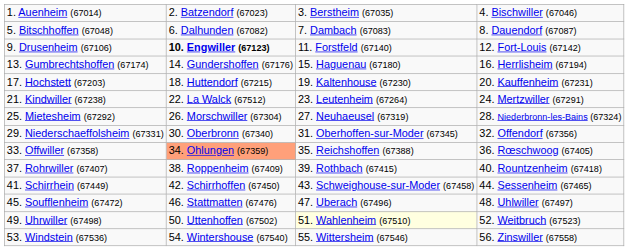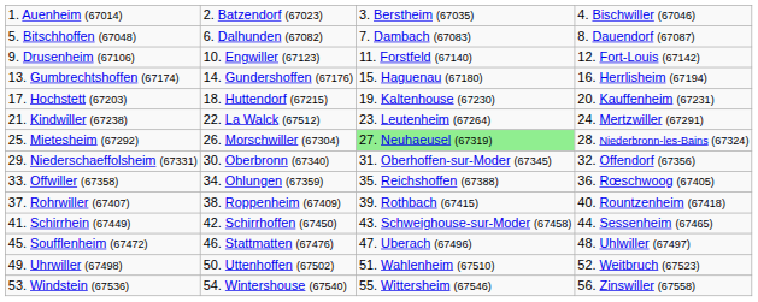 <table class="wikitable">
 <tr>
 <td>1. <a href='#'>Auenheim</a> <small>(67014)</small></td>
 <td>2. <a href='#'>Batzendorf</a> <small>(67023)</small></td>
 <td>3. <a href='#'>Berstheim</a> <small>(67035)</small></td>
 <td>4. <a href='#'>Bischwiller</a> <small>(67046)</small></td>
 </tr>
 <tr>
 <td>5. <a href='#'>Bitschhoffen</a> <small>(67048)</small></td>
 <td>6. <a href='#'>Dalhunden</a> <small>(67082)</small></td>
 <td>7. <a href='#'>Dambach</a> <small>(67083)</small></td>
 <td>8. <a href='#'>Dauendorf</a> <small>(67087)</small></td>
 </tr>
 <tr>
 <td>9. <a href='#'>Drusenheim</a> <small>(67106)</small></td>
-<td><strong>10. <a href='#'>Engwiller</a> <small>(67123)</small></strong></td>
+<td>10. <a href='#'>Engwiller</a> <small>(67123)</small></td>
 <td>11. <a href='#'>Forstfeld</a> <small>(67140)</small></td>
 <td>12. <a href='#'>Fort-Louis</a> <small>(67142)</small></td>
 </tr>
 <tr>
 <td>13. <a href='#'>Gumbrechtshoffen</a> <small>(67174)</small></td>
 <td>14. <a href='#'>Gundershoffen</a> <small>(67176)</small></td>
 <td>15. <a href='#'>Haguenau</a> <small>(67180)</small></td>
 <td>16. <a href='#'>Herrlisheim</a> <small>(67194)</small></td>
 </tr>
 <tr>
 <td>17. <a href='#'>Hochstett</a> <small>(67203)</small></td>
 <td>18. <a href='#'>Huttendorf</a> <small>(67215)</small></td>
 <td>19. <a href='#'>Kaltenhouse</a> <small>(67230)</small></td>
 <td>20. <a href='#'>Kauffenheim</a> <small>(67231)</small></td>
 </tr>
 <tr>
 <td>21. <a href='#'>Kindwiller</a> <small>(67238)</small></td>
 <td>22. <a href='#'>La Walck</a> <small>(67512)</small></td>
 <td>23. <a href='#'>Leutenheim</a> <small>(67264)</small></td>
 <td>24. <a href='#'>Mertzwiller</a> <small>(67291)</small></td>
 </tr>
 <tr>
 <td>25. <a href='#'>Mietesheim</a> <small>(67292)</small></td>
 <td>26. <a href='#'>Morschwiller</a> <small>(67304)</small></td>
-<td>27. <a href='#'>Neuhaeusel</a> <small>(67319)</small></td>
+<td style="background: lightgreen;">27. <a href='#'>Neuhaeusel</a> <small>(67319)</small></td>
 <td>28. <small><a href='#'>Niederbronn-les-Bains</a> (67324)</small></td>
 </tr>
 <tr>
 <td>29. <a href='#'>Niederschaeffolsheim</a> <small>(67331)</small></td>
 <td>30. <a href='#'>Oberbronn</a> <small>(67340)</small></td>
 <td>31. <a href='#'>Oberhoffen-sur-Moder</a> <small>(67345)</small></td>
 <td>32. <a href='#'>Offendorf</a> <small>(67356)</small></td>
 </tr>
 <tr>
 <td>33. <a href='#'>Offwiller</a> <small>(67358)</small></td>
-<td style="background: lightsalmon;">34. <a href='#'>Ohlungen</a> <small>(67359)</small></td>
+<td>34. <a href='#'>Ohlungen</a> <small>(67359)</small></td>
 <td>35. <a href='#'>Reichshoffen</a> <small>(67388)</small></td>
 <td>36. <a href='#'>Rœschwoog</a> <small>(67405)</small></td>
 </tr>
 <tr>
 <td>37. <a href='#'>Rohrwiller</a> <small>(67407)</small></td>
 <td>38. <a href='#'>Roppenheim</a> <small>(67409)</small></td>
 <td>39. <a href='#'>Rothbach</a> <small>(67415)</small></td>
 <td>40. <a href='#'>Rountzenheim</a> <small>(67418)</small></td>
 </tr>
 <tr>
 <td>41. <a href='#'>Schirrhein</a> <small>(67449)</small></td>
 <td>42. <a href='#'>Schirrhoffen</a> <small>(67450)</small></td>
 <td>43. <a href='#'>Schweighouse-sur-Moder</a> <small>(67458)</small></td>
 <td>44. <a href='#'>Sessenheim</a> <small>(67465)</small></td>
 </tr>
 <tr>
 <td>45. <a href='#'>Soufflenheim</a> <small>(67472)</small></td>
 <td>46. <a href='#'>Stattmatten</a> <small>(67476)</small></td>
 <td>47. <a href='#'>Uberach</a> <small>(67496)</small></td>
 <td>48. <a href='#'>Uhlwiller</a> <small>(67497)</small></td>
 </tr>
 <tr>
 <td>49. <a href='#'>Uhrwiller</a> <small>(67498)</small></td>
 <td>50. <a href='#'>Uttenhoffen</a> <small>(67502)</small></td>
-<td style="background: lightyellow;">51. <a href='#'>Wahlenheim</a> <small>(67510)</small></td>
+<td>51. <a href='#'>Wahlenheim</a> <small>(67510)</small></td>
 <td>52. <a href='#'>Weitbruch</a> <small>(67523)</small></td>
 </tr>
 <tr>
 <td>53. <a href='#'>Windstein</a> <small>(67536)</small></td>
 <td>54. <a href='#'>Wintershouse</a> <small>(67540)</small></td>
 <td>55. <a href='#'>Wittersheim</a> <small>(67546)</small></td>
 <td>56. <a href='#'>Zinswiller</a> <small>(67558)</small></td>
 </tr>
 </table>
